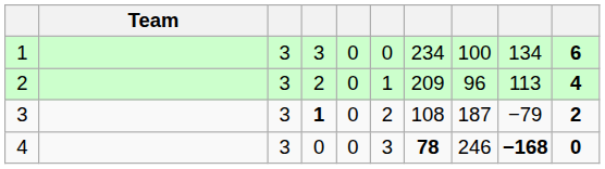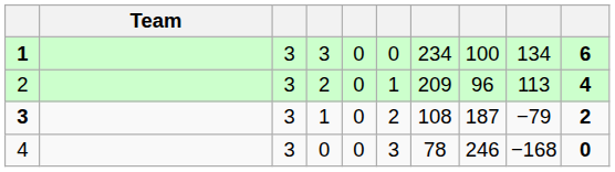 <table class=wikitable style=text-align:center>
 <tr>
 <th width=20 abbr=Position></th>
 <th width=175>Team</th>
 <th width=20 abbr=Played></th>
 <th width=20 abbr=Won></th>
 <th width=20 abbr=Drawn></th>
 <th width=20 abbr=Lost></th>
 <th width=30 abbr=Goal For></th>
 <th width=30 abbr=Goal Against></th>
 <th width=30 abbr=Goal Difference></th>
 <th width=30 abbr=Points></th>
 </tr>
 <tr bgcolor=#CCFFCC>
-<td>1 </td>
+<td><strong>1 </strong></td>
 <td align=left></td>
 <td>3</td>
 <td>3</td>
 <td>0</td>
 <td>0</td>
 <td>234</td>
 <td>100</td>
 <td>134</td>
 <td><strong>6</strong></td>
 </tr>
 <tr bgcolor=#CCFFCC>
 <td>2 </td>
 <td align=left></td>
 <td>3</td>
 <td>2</td>
 <td>0</td>
 <td>1</td>
 <td>209</td>
 <td>96</td>
 <td>113</td>
 <td><strong>4</strong></td>
 </tr>
 <tr>
-<td>3 </td>
+<td><strong>3 </strong></td>
 <td align=left></td>
 <td>3</td>
-<td><strong>1</strong></td>
+<td>1</td>
 <td>0</td>
 <td>2</td>
 <td>108</td>
 <td>187</td>
 <td>−79</td>
 <td><strong>2</strong></td>
 </tr>
 <tr>
 <td>4 </td>
 <td align=left></td>
 <td>3</td>
 <td>0</td>
 <td>0</td>
 <td>3</td>
-<td><strong>78</strong></td>
+<td>78</td>
 <td>246</td>
-<td><strong>−168</strong></td>
+<td>−168</td>
 <td><strong>0</strong></td>
 </tr>
 </table>
